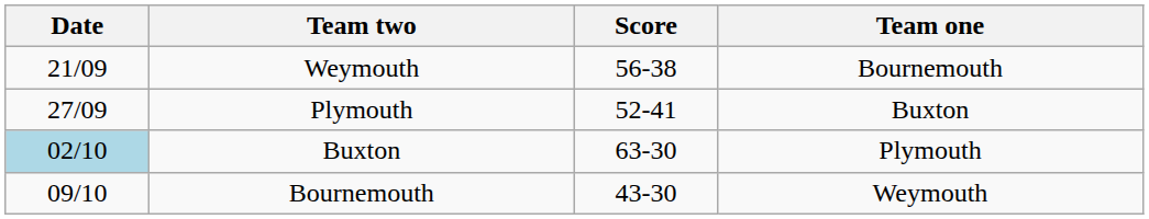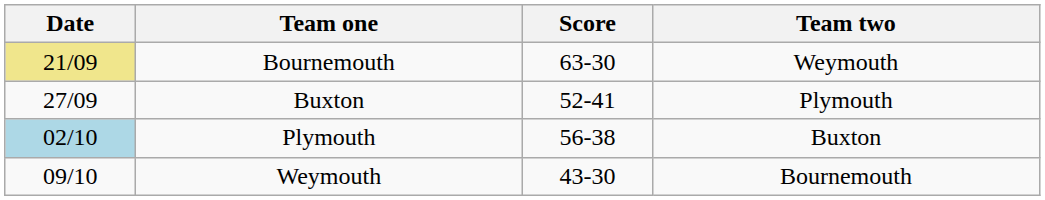 <table class="wikitable" style="text-align: center">
 <tr>
 <th width=80>Date</th>
+<th width=250>Team one</th>
+<th width=80>Score</th>
 <th width=250>Team two</th>
-<th width=80>Score</th>
-<th width=250>Team one</th>
 </tr>
 <tr>
-<td>21/09</td>
+<td style="background: khaki;">21/09</td>
+<td>Bournemouth</td>
+<td>63-30</td>
 <td>Weymouth</td>
-<td>56-38</td>
-<td>Bournemouth</td>
 </tr>
 <tr>
 <td>27/09</td>
+<td>Buxton</td>
+<td>52-41</td>
 <td>Plymouth</td>
-<td>52-41</td>
+</tr>
+<tr>
+<td style="background: lightblue;">02/10</td>
+<td>Plymouth</td>
+<td>56-38</td>
 <td>Buxton</td>
 </tr>
 <tr>
-<td style="background: lightblue;">02/10</td>
-<td>Buxton</td>
-<td>63-30</td>
-<td>Plymouth</td>
-</tr>
-<tr>
 <td>09/10</td>
+<td>Weymouth</td>
+<td>43-30</td>
 <td>Bournemouth</td>
-<td>43-30</td>
-<td>Weymouth</td>
 </tr>
 </table>
